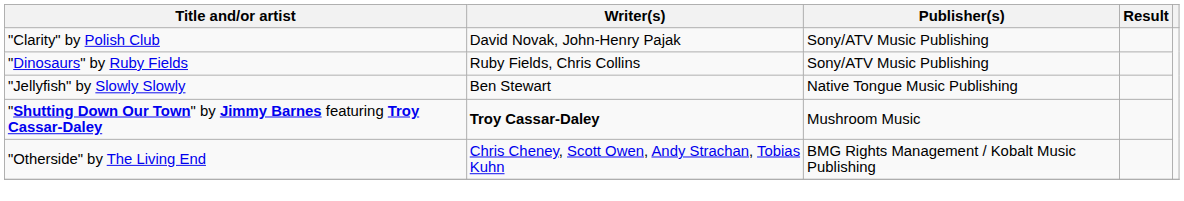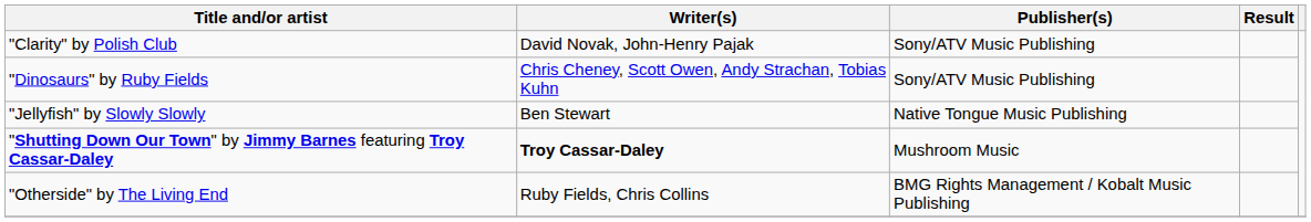 <table class="wikitable" width=100%>
 <tr>
 <th scope="col">Title and/or artist</th>
 <th scope="col">Writer(s)</th>
 <th scope="col">Publisher(s)</th>
 <th scope="col">Result</th>
 <th scope="col"></th>
 </tr>
 <tr>
 <td>"Clarity" by <a href='#'>Polish Club</a></td>
 <td>David Novak, John-Henry Pajak</td>
 <td>Sony/ATV Music Publishing</td>
 <td></td>
 <td rowspan="5"></td>
 </tr>
 <tr>
 <td>"<a href='#'>Dinosaurs</a>" by <a href='#'>Ruby Fields</a></td>
-<td>Ruby Fields, Chris Collins</td>
+<td><a href='#'>Chris Cheney</a>, <a href='#'>Scott Owen</a>, <a href='#'>Andy Strachan</a>, <a href='#'>Tobias Kuhn</a></td>
 <td>Sony/ATV Music Publishing</td>
 <td></td>
 </tr>
 <tr>
 <td>"Jellyfish" by <a href='#'>Slowly Slowly</a></td>
 <td>Ben Stewart</td>
 <td>Native Tongue Music Publishing</td>
 <td></td>
 </tr>
 <tr>
 <td>"<strong><a href='#'>Shutting Down Our Town</a></strong>" by <strong><a href='#'>Jimmy Barnes</a></strong> featuring <strong><a href='#'>Troy Cassar-Daley</a></strong></td>
 <td><strong>Troy Cassar-Daley</strong></td>
 <td>Mushroom Music</td>
 <td></td>
 </tr>
 <tr>
 <td>"Otherside" by <a href='#'>The Living End</a></td>
-<td><a href='#'>Chris Cheney</a>, <a href='#'>Scott Owen</a>, <a href='#'>Andy Strachan</a>, <a href='#'>Tobias Kuhn</a></td>
+<td>Ruby Fields, Chris Collins</td>
 <td>BMG Rights Management / Kobalt Music Publishing</td>
 <td></td>
 </tr>
 <tr>
 </tr>
 </table>
